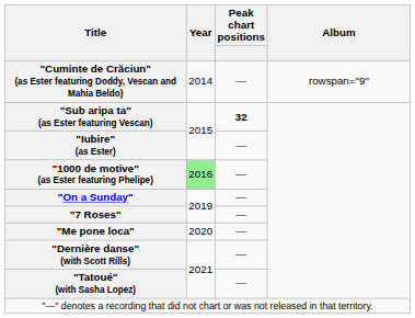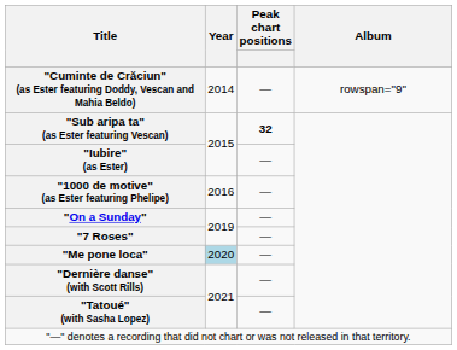 <table class="wikitable plainrowheaders" style="text-align:center;">
 <tr>
 <th scope="col" rowspan="2" style="width:20em;">Title</th>
 <th scope="col" rowspan="2" style="width:1em;">Year</th>
 <th colspan="1" scope="col">Peak chart positions</th>
 <th scope="col" rowspan="2" style="width:15em;">Album</th>
 </tr>
 <tr>
 <th scope="col" style="width:2.5em;font-size:90%;"><a href='#'></a><br></th>
 </tr>
 <tr>
 <th scope="row">"Cuminte de Crăciun"<br><small>(as Ester featuring Doddy, Vescan and Mahia Beldo)</small></th>
 <td>2014</td>
 <td>—</td>
 <td>rowspan="9" </td>
 </tr>
 <tr>
 <th scope="row">"Sub aripa ta"<br><small>(as Ester featuring Vescan)</small></th>
 <td rowspan="2">2015</td>
 <td><strong>32</strong></td>
 </tr>
 <tr>
 <th scope="row">"Iubire"<br><small>(as Ester)</small></th>
 <td>—</td>
 </tr>
 <tr>
 <th scope="row">"1000 de motive"<br><small>(as Ester featuring Phelipe)</small></th>
-<td style="background: lightgreen;">2016</td>
+<td>2016</td>
 <td>—</td>
 </tr>
 <tr>
 <th scope="row">"<a href='#'>On a Sunday</a>"</th>
 <td rowspan="2">2019</td>
 <td>—</td>
 </tr>
 <tr>
 <th scope="row">"7 Roses"</th>
 <td>—</td>
 </tr>
 <tr>
 <th scope="row">"Me pone loca"</th>
-<td rowspan="1">2020</td>
+<td rowspan="1" style="background: lightblue;">2020</td>
 <td>—</td>
 </tr>
 <tr>
 <th scope="row">"Dernière danse"<br><small>(with Scott Rills)</small></th>
 <td rowspan="2">2021</td>
 <td>—</td>
 </tr>
 <tr>
 <th scope="row">"Tatoué"<br><small>(with Sasha Lopez)</small></th>
 <td>—</td>
 </tr>
 <tr>
 <td colspan="18" style="font-size:90%">"—" denotes a recording that did not chart or was not released in that territory.</td>
 </tr>
 </table>
